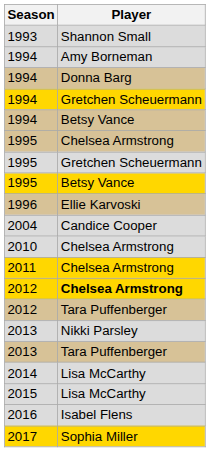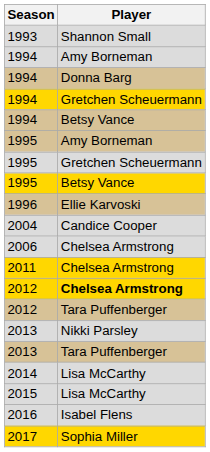 <table class="wikitable">
 <tr>
 <th width=>Season</th>
 <th width=>Player</th>
 </tr>
 <tr align="left"  style="background: #dcdcdc;">
 <td>1993</td>
 <td>Shannon Small</td>
 </tr>
 <tr align="left"  style="background: #dcdcdc;">
 <td>1994</td>
 <td>Amy Borneman</td>
 </tr>
 <tr align="left"  style="background: #d7c297;">
 <td>1994</td>
 <td>Donna Barg</td>
 </tr>
 <tr align="left"  style="background: #FFD700;">
 <td>1994</td>
 <td>Gretchen Scheuermann</td>
 </tr>
 <tr align="left"  style="background: #d7c297;">
 <td>1994</td>
 <td>Betsy Vance</td>
 </tr>
 <tr align="left"  style="background: #d7c297;">
 <td>1995</td>
-<td>Chelsea Armstrong</td>
+<td>Amy Borneman</td>
 </tr>
 <tr align="left"  style="background: #dcdcdc;">
 <td>1995</td>
 <td>Gretchen Scheuermann</td>
 </tr>
 <tr align="left"  style="background: #FFD700;">
 <td>1995</td>
 <td>Betsy Vance</td>
 </tr>
 <tr align="left"  style="background: #d7c297;">
 <td>1996</td>
 <td>Ellie Karvoski</td>
 </tr>
 <tr align="left"  style="background: #dcdcdc;">
 <td>2004</td>
 <td>Candice Cooper</td>
 </tr>
 <tr align="left"  style="background: #dcdcdc;">
-<td>2010</td>
+<td>2006</td>
 <td>Chelsea Armstrong</td>
 </tr>
 <tr align="left"  style="background: #FFD700;">
 <td>2011</td>
 <td>Chelsea Armstrong</td>
 </tr>
 <tr align="left"  style="background: #FFD700;">
 <td>2012</td>
 <td><strong>Chelsea Armstrong</strong></td>
 </tr>
 <tr align="left"  style="background: #d7c297;">
 <td>2012</td>
 <td>Tara Puffenberger</td>
 </tr>
 <tr align="left"  style="background: #dcdcdc;">
 <td>2013</td>
 <td>Nikki Parsley</td>
 </tr>
 <tr align="left"  style="background: #d7c297;">
 <td>2013</td>
 <td>Tara Puffenberger</td>
 </tr>
 <tr align="left"  style="background: #dcdcdc;">
 <td>2014</td>
 <td>Lisa McCarthy</td>
 </tr>
 <tr align="left"  style="background: #dcdcdc;">
 <td>2015</td>
 <td>Lisa McCarthy</td>
 </tr>
 <tr align="left"  style="background: #dcdcdc;">
 <td>2016</td>
 <td>Isabel Flens</td>
 </tr>
 <tr align="left"  style="background: #FFD700;">
 <td>2017</td>
 <td>Sophia Miller</td>
 </tr>
 </table>
